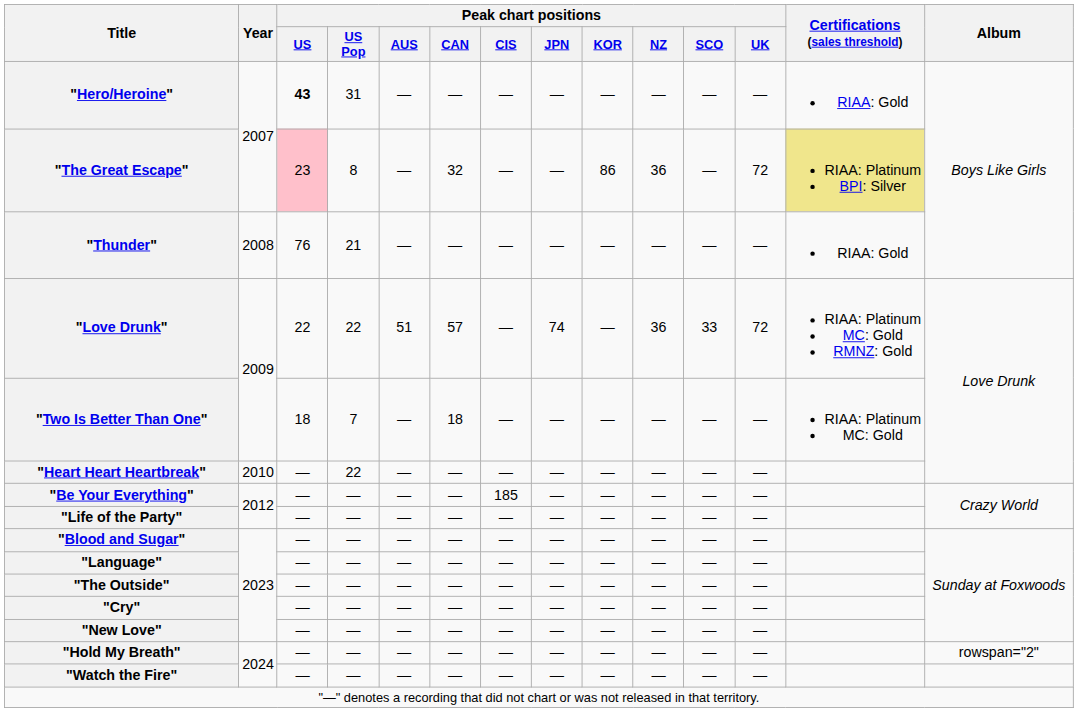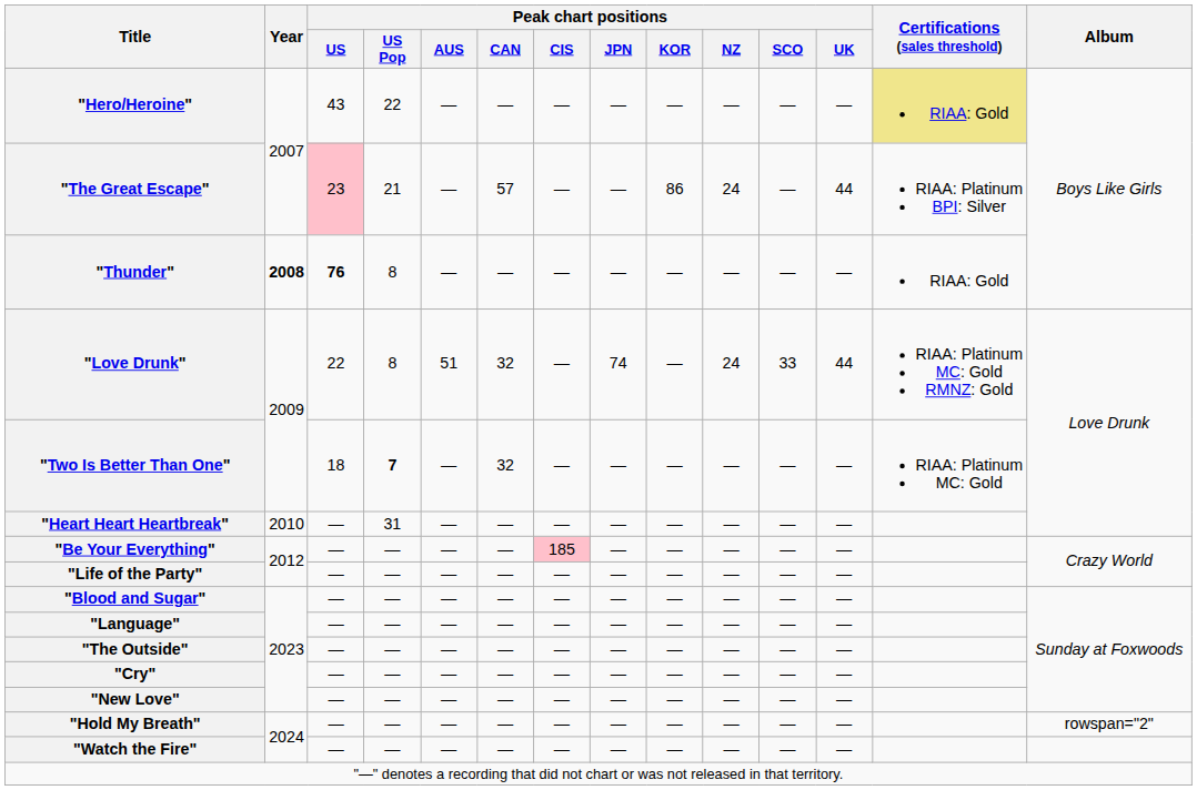 <table class="wikitable plainrowheaders" style="text-align:center;" border="1">
 <tr>
 <th scope="col" rowspan="2" style="width:16em;">Title</th>
 <th scope="col" rowspan="2">Year</th>
 <th scope="col" colspan="10">Peak chart positions</th>
 <th scope="col" rowspan="2"><a href='#'>Certifications</a><br><small>(<a href='#'>sales threshold</a>)</small></th>
 <th scope="col" rowspan="2" style="width:10em;">Album</th>
 </tr>
 <tr>
 <th scope="col" style="width:3.5em;font-size:90%;"><a href='#'>US</a><br></th>
 <th scope="col" style="width:3.5em;font-size:90%;"><a href='#'>US Pop</a><br></th>
 <th scope="col" style="width:3.5em;font-size:90%;"><a href='#'>AUS</a><br></th>
 <th scope="col" style="width:3.5em;font-size:90%;"><a href='#'>CAN</a><br></th>
 <th scope="col" style="width:3.5em;font-size:90%;"><a href='#'>CIS</a><br></th>
 <th scope="col" style="width:3.5em;font-size:90%;"><a href='#'>JPN</a><br></th>
 <th scope="col" style="width:3.5em;font-size:90%;"><a href='#'>KOR</a><br></th>
 <th scope="col" style="width:3.5em;font-size:90%;"><a href='#'>NZ</a><br></th>
 <th scope="col" style="width:3.5em;font-size:90%;"><a href='#'>SCO</a><br></th>
 <th scope="col" style="width:3.5em;font-size:90%;"><a href='#'>UK</a><br></th>
 </tr>
 <tr>
 <th scope="row">"<a href='#'>Hero/Heroine</a>"</th>
 <td rowspan="2">2007</td>
-<td><strong>43</strong></td>
-<td>31</td>
+<td>43</td>
+<td>22</td>
 <td>—</td>
 <td>—</td>
 <td>—</td>
 <td>—</td>
 <td>—</td>
 <td>—</td>
 <td>—</td>
 <td>—</td>
-<td><br><ul><li><a href='#'>RIAA</a>: Gold</li></ul></td>
+<td style="background: khaki;"><br><ul><li><a href='#'>RIAA</a>: Gold</li></ul></td>
 <td rowspan="3"><em>Boys Like Girls</em></td>
 </tr>
 <tr>
 <th scope="row">"<a href='#'>The Great Escape</a>"</th>
 <td style="background: pink;">23</td>
-<td>8</td>
+<td>21</td>
 <td>—</td>
-<td>32</td>
+<td>57</td>
 <td>—</td>
 <td>—</td>
 <td>86</td>
-<td>36</td>
+<td>24</td>
 <td>—</td>
-<td>72</td>
-<td style="background: khaki;"><br><ul><li>RIAA: Platinum</li><li><a href='#'>BPI</a>: Silver</li></ul></td>
+<td>44</td>
+<td><br><ul><li>RIAA: Platinum</li><li><a href='#'>BPI</a>: Silver</li></ul></td>
 </tr>
 <tr>
 <th scope="row">"<a href='#'>Thunder</a>"</th>
-<td>2008</td>
-<td>76</td>
-<td>21</td>
+<td><strong>2008</strong></td>
+<td><strong>76</strong></td>
+<td>8</td>
 <td>—</td>
 <td>—</td>
 <td>—</td>
 <td>—</td>
 <td>—</td>
 <td>—</td>
 <td>—</td>
 <td>—</td>
 <td><br><ul><li>RIAA: Gold</li></ul></td>
 </tr>
 <tr>
 <th scope="row">"<a href='#'>Love Drunk</a>"</th>
 <td rowspan="2">2009</td>
 <td>22</td>
-<td>22</td>
+<td>8</td>
 <td>51</td>
-<td>57</td>
+<td>32</td>
 <td>—</td>
 <td>74</td>
 <td>—</td>
-<td>36</td>
+<td>24</td>
 <td>33</td>
-<td>72</td>
+<td>44</td>
 <td><br><ul><li>RIAA: Platinum</li><li><a href='#'>MC</a>: Gold</li><li><a href='#'>RMNZ</a>: Gold</li></ul></td>
 <td rowspan="3"><em>Love Drunk</em></td>
 </tr>
 <tr>
 <th scope="row">"<a href='#'>Two Is Better Than One</a>"<br></th>
 <td>18</td>
-<td>7</td>
+<td><strong>7</strong></td>
 <td>—</td>
-<td>18</td>
+<td>32</td>
 <td>—</td>
 <td>—</td>
 <td>—</td>
 <td>—</td>
 <td>—</td>
 <td>—</td>
 <td><br><ul><li>RIAA: Platinum</li><li>MC: Gold</li></ul></td>
 </tr>
 <tr>
 <th scope="row">"<a href='#'>Heart Heart Heartbreak</a>"</th>
 <td>2010</td>
 <td>—</td>
-<td>22</td>
+<td>31</td>
 <td>—</td>
 <td>—</td>
 <td>—</td>
 <td>—</td>
 <td>—</td>
 <td>—</td>
 <td>—</td>
 <td>—</td>
 <td></td>
 </tr>
 <tr>
 <th scope="row">"<a href='#'>Be Your Everything</a>"</th>
 <td rowspan="2">2012</td>
 <td>—</td>
 <td>—</td>
 <td>—</td>
 <td>—</td>
-<td>185</td>
+<td style="background: pink;">185</td>
 <td>—</td>
 <td>—</td>
 <td>—</td>
 <td>—</td>
 <td>—</td>
 <td></td>
 <td rowspan="2"><em>Crazy World</em></td>
 </tr>
 <tr>
 <th scope="row">"Life of the Party"</th>
 <td>—</td>
 <td>—</td>
 <td>—</td>
 <td>—</td>
 <td>—</td>
 <td>—</td>
 <td>—</td>
 <td>—</td>
 <td>—</td>
 <td>—</td>
 <td></td>
 </tr>
 <tr>
 <th scope="row">"<a href='#'>Blood and Sugar</a>"</th>
 <td rowspan="5">2023</td>
 <td>—</td>
 <td>—</td>
 <td>—</td>
 <td>—</td>
 <td>—</td>
 <td>—</td>
 <td>—</td>
 <td>—</td>
 <td>—</td>
 <td>—</td>
 <td></td>
 <td rowspan="5"><em>Sunday at Foxwoods</em></td>
 </tr>
 <tr>
 <th scope="row">"Language"</th>
 <td>—</td>
 <td>—</td>
 <td>—</td>
 <td>—</td>
 <td>—</td>
 <td>—</td>
 <td>—</td>
 <td>—</td>
 <td>—</td>
 <td>—</td>
 <td></td>
 </tr>
 <tr>
 <th scope="row">"The Outside"</th>
 <td>—</td>
 <td>—</td>
 <td>—</td>
 <td>—</td>
 <td>—</td>
 <td>—</td>
 <td>—</td>
 <td>—</td>
 <td>—</td>
 <td>—</td>
 <td></td>
 </tr>
 <tr>
 <th scope="row">"Cry"</th>
 <td>—</td>
 <td>—</td>
 <td>—</td>
 <td>—</td>
 <td>—</td>
 <td>—</td>
 <td>—</td>
 <td>—</td>
 <td>—</td>
 <td>—</td>
 <td></td>
 </tr>
 <tr>
 <th scope="row">"New Love"</th>
 <td>—</td>
 <td>—</td>
 <td>—</td>
 <td>—</td>
 <td>—</td>
 <td>—</td>
 <td>—</td>
 <td>—</td>
 <td>—</td>
 <td>—</td>
 <td></td>
 </tr>
 <tr>
 <th scope="row">"Hold My Breath"<br></th>
 <td rowspan="2">2024</td>
 <td>—</td>
 <td>—</td>
 <td>—</td>
 <td>—</td>
 <td>—</td>
 <td>—</td>
 <td>—</td>
 <td>—</td>
 <td>—</td>
 <td>—</td>
 <td></td>
 <td>rowspan="2" </td>
 </tr>
 <tr>
 <th scope="row">"Watch the Fire"<br></th>
 <td>—</td>
 <td>—</td>
 <td>—</td>
 <td>—</td>
 <td>—</td>
 <td>—</td>
 <td>—</td>
 <td>—</td>
 <td>—</td>
 <td>—</td>
 <td></td>
 </tr>
 <tr>
 <td colspan="15" style="font-size:90%">"—" denotes a recording that did not chart or was not released in that territory.</td>
 </tr>
 </table>
